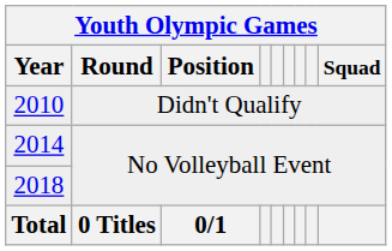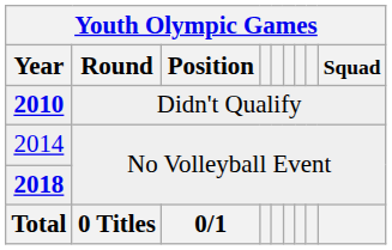 <table class="wikitable" style="text-align: center;">
 <tr>
 <th colspan=9><a href='#'>Youth Olympic Games</a></th>
 </tr>
 <tr>
 <th>Year</th>
 <th>Round</th>
 <th>Position</th>
 <th></th>
 <th></th>
 <th></th>
 <th></th>
 <th></th>
 <th><small>Squad</small></th>
 </tr>
 <tr bgcolor=efefef>
-<td> <a href='#'>2010</a></td>
+<td><strong> <a href='#'>2010</a></strong></td>
 <td colspan=8>Didn't Qualify</td>
 </tr>
 <tr bgcolor="efefef">
 <td> <a href='#'>2014</a></td>
 <td colspan=9 rowspan="2" align=center>No Volleyball Event</td>
 </tr>
 <tr bgcolor="efefef">
-<td> <a href='#'>2018</a></td>
+<td><strong> <a href='#'>2018</a></strong></td>
 </tr>
 <tr>
 <th>Total</th>
 <th>0 Titles</th>
 <th>0/1</th>
 <th></th>
 <th></th>
 <th></th>
 <th></th>
 <th></th>
 <th></th>
 </tr>
 </table>
